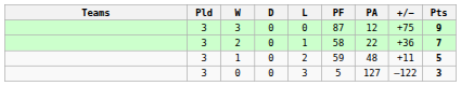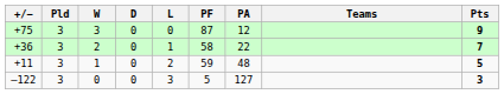 <table class="wikitable" style="text-align: center;">
 <tr>
-<th width="245">Teams</th>
+<th width="40">+/−</th>
 <th width="40">Pld</th>
 <th width="40">W</th>
 <th width="40">D</th>
 <th width="40">L</th>
 <th width="40">PF</th>
 <th width="40">PA</th>
-<th width="40">+/−</th>
+<th width="245">Teams</th>
 <th width="40">Pts</th>
 </tr>
 <tr bgcolor=ccffcc>
-<td align=left></td>
+<td>+75</td>
 <td>3</td>
 <td>3</td>
 <td>0</td>
 <td>0</td>
 <td>87</td>
 <td>12</td>
-<td>+75</td>
+<td align=left></td>
 <td><strong>9</strong></td>
 </tr>
 <tr bgcolor=ccffcc>
-<td align=left></td>
+<td>+36</td>
 <td>3</td>
 <td>2</td>
 <td>0</td>
 <td>1</td>
 <td>58</td>
 <td>22</td>
-<td>+36</td>
+<td align=left></td>
 <td><strong>7</strong></td>
 </tr>
 <tr>
-<td align=left></td>
+<td>+11</td>
 <td>3</td>
 <td>1</td>
 <td>0</td>
 <td>2</td>
 <td>59</td>
 <td>48</td>
-<td>+11</td>
+<td align=left></td>
 <td><strong>5</strong></td>
 </tr>
 <tr>
-<td align=left></td>
+<td>–122</td>
 <td>3</td>
 <td>0</td>
 <td>0</td>
 <td>3</td>
 <td>5</td>
 <td>127</td>
-<td>–122</td>
+<td align=left></td>
 <td><strong>3</strong></td>
 </tr>
 </table>
